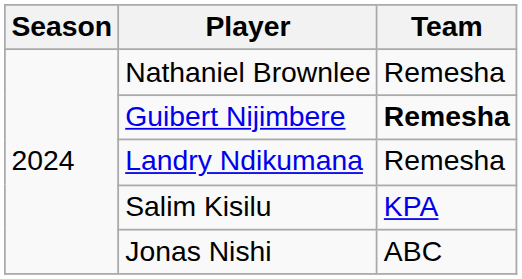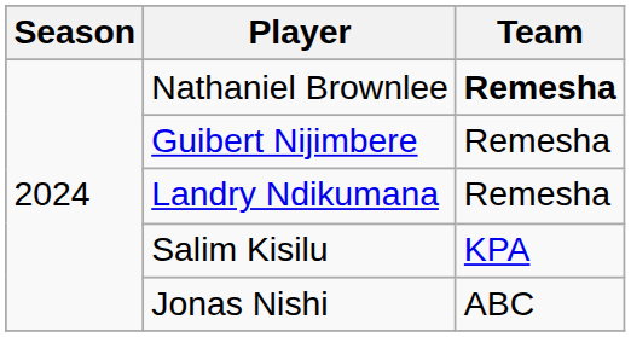 <table class="wikitable">
 <tr>
 <th>Season</th>
 <th>Player</th>
 <th>Team</th>
 </tr>
 <tr>
 <td rowspan="5">2024</td>
 <td> Nathaniel Brownlee</td>
-<td> Remesha</td>
+<td><strong> Remesha</strong></td>
 </tr>
 <tr>
 <td> <a href='#'>Guibert Nijimbere</a></td>
-<td><strong> Remesha</strong></td>
+<td> Remesha</td>
 </tr>
 <tr>
 <td> <a href='#'>Landry Ndikumana</a></td>
 <td> Remesha</td>
 </tr>
 <tr>
 <td> Salim Kisilu</td>
 <td> <a href='#'>KPA</a></td>
 </tr>
 <tr>
 <td> Jonas Nishi</td>
 <td> ABC</td>
 </tr>
 </table>
